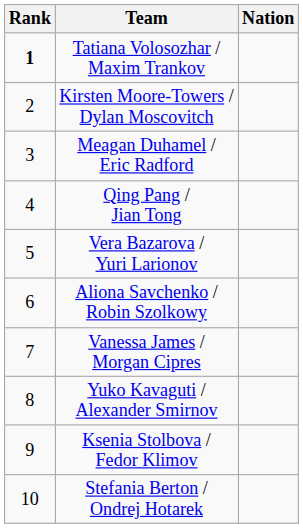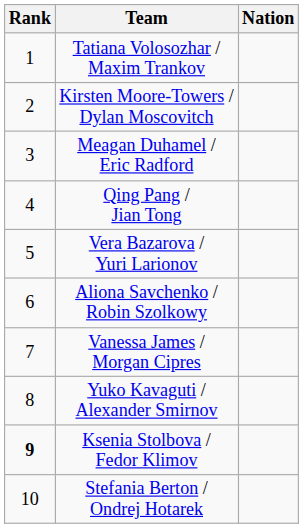 <table class="wikitable sortable" style="text-align: center;">
 <tr>
 <th rowspan="2">Rank</th>
 <th rowspan="2">Team</th>
 <th rowspan="2">Nation</th>
 </tr>
 <tr>
 </tr>
 <tr>
-<td><strong>1</strong></td>
+<td>1</td>
 <td "style="text-align:" left;"><a href='#'>Tatiana Volosozhar</a> /<br> <a href='#'>Maxim Trankov</a></td>
 <td></td>
 </tr>
 <tr>
 <td>2</td>
 <td "style="text-align:" left;"><a href='#'>Kirsten Moore-Towers</a> /<br> <a href='#'>Dylan Moscovitch</a></td>
 <td></td>
 </tr>
 <tr>
 <td>3</td>
 <td "style="text-align:" left;"><a href='#'>Meagan Duhamel</a> /<br> <a href='#'>Eric Radford</a></td>
 <td></td>
 </tr>
 <tr>
 <td>4</td>
 <td "style="text-align:" left;"><a href='#'>Qing Pang</a> /<br> <a href='#'>Jian Tong</a></td>
 <td></td>
 </tr>
 <tr>
 <td>5</td>
 <td "style="text-align:" left;"><a href='#'>Vera Bazarova</a> /<br> <a href='#'>Yuri Larionov</a></td>
 <td></td>
 </tr>
 <tr>
 <td>6</td>
 <td "style="text-align:" left;"><a href='#'>Aliona Savchenko</a> /<br> <a href='#'>Robin Szolkowy</a></td>
 <td></td>
 </tr>
 <tr>
 <td>7</td>
 <td "style="text-align:" left;"><a href='#'>Vanessa James</a> /<br> <a href='#'>Morgan Cipres</a></td>
 <td></td>
 </tr>
 <tr>
 <td>8</td>
 <td "style="text-align:" left;"><a href='#'>Yuko Kavaguti</a> /<br> <a href='#'>Alexander Smirnov</a></td>
 <td></td>
 </tr>
 <tr>
-<td>9</td>
+<td><strong>9</strong></td>
 <td "style="text-align:" left;"><a href='#'>Ksenia Stolbova</a> /<br> <a href='#'>Fedor Klimov</a></td>
 <td></td>
 </tr>
 <tr>
 <td>10</td>
 <td "style="text-align:" left;"><a href='#'>Stefania Berton</a> /<br> <a href='#'>Ondrej Hotarek</a></td>
 <td></td>
 </tr>
 </table>
